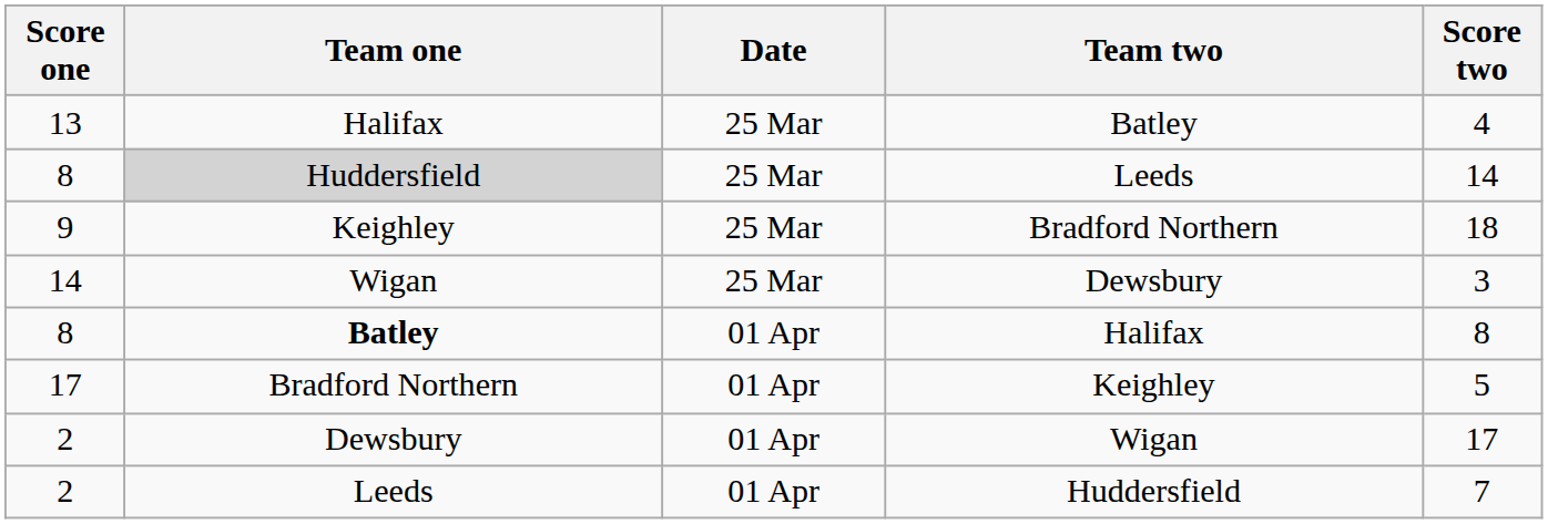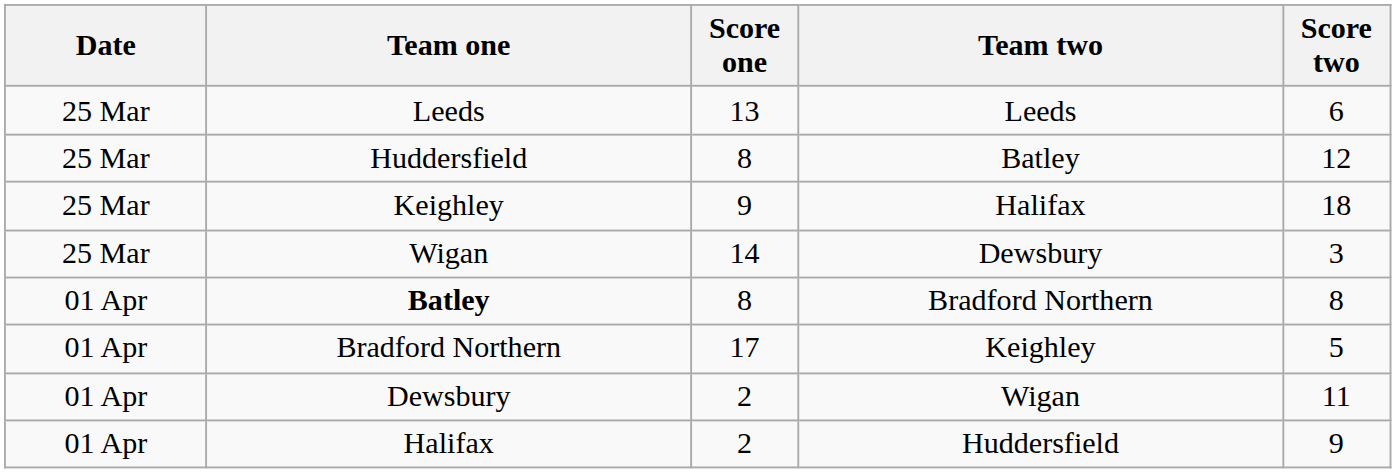 <table class="wikitable" style="text-align: center">
 <tr>
+<th width=100>Date</th>
+<th width=250>Team one</th>
 <th width=50>Score one</th>
-<th width=250>Team one</th>
-<th width=100>Date</th>
 <th width=250>Team two</th>
 <th width=50>Score two</th>
 </tr>
 <tr>
+<td>25 Mar</td>
+<td>Leeds</td>
 <td>13</td>
-<td>Halifax</td>
-<td>25 Mar</td>
-<td>Batley</td>
-<td>4</td>
+<td>Leeds</td>
+<td>6</td>
 </tr>
 <tr>
+<td>25 Mar</td>
+<td>Huddersfield</td>
 <td>8</td>
-<td style="background: lightgrey;">Huddersfield</td>
-<td>25 Mar</td>
-<td>Leeds</td>
-<td>14</td>
+<td>Batley</td>
+<td>12</td>
 </tr>
 <tr>
+<td>25 Mar</td>
+<td>Keighley</td>
 <td>9</td>
-<td>Keighley</td>
-<td>25 Mar</td>
-<td>Bradford Northern</td>
+<td>Halifax</td>
 <td>18</td>
 </tr>
 <tr>
+<td>25 Mar</td>
+<td>Wigan</td>
 <td>14</td>
-<td>Wigan</td>
-<td>25 Mar</td>
 <td>Dewsbury</td>
 <td>3</td>
 </tr>
 <tr>
+<td>01 Apr</td>
+<td><strong>Batley</strong></td>
 <td>8</td>
-<td><strong>Batley</strong></td>
-<td>01 Apr</td>
-<td>Halifax</td>
+<td>Bradford Northern</td>
 <td>8</td>
 </tr>
 <tr>
+<td>01 Apr</td>
+<td>Bradford Northern</td>
 <td>17</td>
-<td>Bradford Northern</td>
-<td>01 Apr</td>
 <td>Keighley</td>
 <td>5</td>
 </tr>
 <tr>
+<td>01 Apr</td>
+<td>Dewsbury</td>
 <td>2</td>
-<td>Dewsbury</td>
-<td>01 Apr</td>
 <td>Wigan</td>
-<td>17</td>
+<td>11</td>
 </tr>
 <tr>
+<td>01 Apr</td>
+<td>Halifax</td>
 <td>2</td>
-<td>Leeds</td>
-<td>01 Apr</td>
 <td>Huddersfield</td>
-<td>7</td>
+<td>9</td>
 </tr>
 </table>
